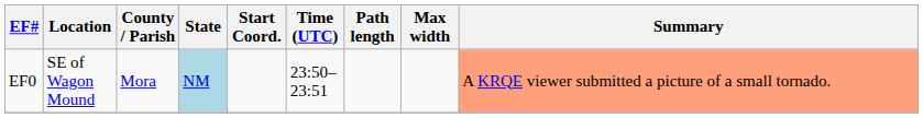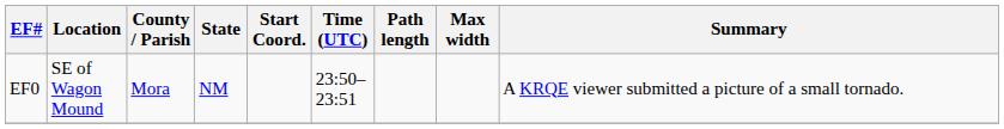 <table class="wikitable sortable" style="width:100%;">
 <tr>
 <th scope="col"  style="width:3%; text-align:center;"><a href='#'>EF#</a></th>
 <th scope="col"  style="width:7%; text-align:center;" class="unsortable">Location</th>
 <th scope="col"  style="width:6%; text-align:center;" class="unsortable">County / Parish</th>
 <th scope="col"  style="width:5%; text-align:center;">State</th>
 <th scope="col"  style="width:6%; text-align:center;">Start Coord.</th>
 <th scope="col"  style="width:6%; text-align:center;">Time (<a href='#'>UTC</a>)</th>
 <th scope="col"  style="width:6%; text-align:center;">Path length</th>
 <th scope="col"  style="width:6%; text-align:center;">Max width</th>
 <th scope="col" class="unsortable" style="width:48%; text-align:center;">Summary</th>
 </tr>
 <tr>
 <td>EF0</td>
 <td>SE of <a href='#'>Wagon Mound</a></td>
 <td><a href='#'>Mora</a></td>
-<td style="background: lightblue;"><a href='#'>NM</a></td>
+<td><a href='#'>NM</a></td>
 <td></td>
 <td>23:50–23:51</td>
 <td></td>
 <td></td>
-<td style="background: lightsalmon;">A <a href='#'>KRQE</a> viewer submitted a picture of a small tornado.</td>
+<td>A <a href='#'>KRQE</a> viewer submitted a picture of a small tornado.</td>
 </tr>
 <tr>
 </tr>
 </table>
